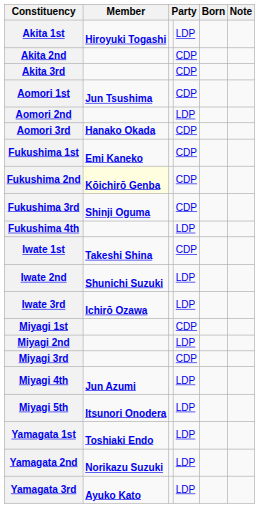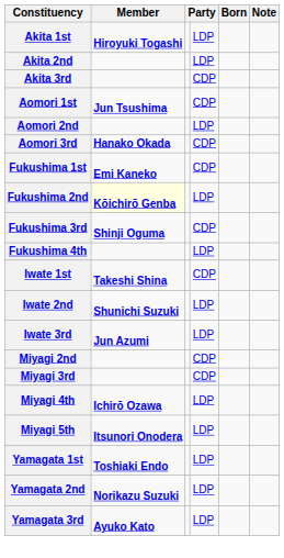 <table class="wikitable sortable plainrowheaders" id="votingmembers">
 <tr style="vertical-align:bottom">
 <th>Constituency</th>
 <th>Member</th>
 <th colspan=2>Party</th>
 <th>Born</th>
 <th>Note</th>
 </tr>
 <tr>
 <th><a href='#'>Akita 1st</a></th>
 <td><br><strong><a href='#'>Hiroyuki Togashi</a></strong></td>
 <td style="background-color:"></td>
 <td><a href='#'>LDP</a></td>
 <td></td>
 <td></td>
 </tr>
 <tr>
 <th><a href='#'>Akita 2nd</a></th>
 <td><br><strong></strong></td>
 <td style="background-color:"></td>
-<td><a href='#'>CDP</a></td>
+<td><a href='#'>LDP</a></td>
 <td></td>
 <td></td>
 </tr>
 <tr>
 <th><a href='#'>Akita 3rd</a></th>
 <td><br><strong></strong></td>
 <td style="background-color:"></td>
 <td><a href='#'>CDP</a></td>
 <td></td>
 <td></td>
 </tr>
 <tr>
 <th><a href='#'>Aomori 1st</a></th>
 <td><br><strong><a href='#'>Jun Tsushima</a></strong></td>
 <td style="background-color:"></td>
 <td><a href='#'>CDP</a></td>
 <td></td>
 <td></td>
 </tr>
 <tr>
 <th><a href='#'>Aomori 2nd</a></th>
 <td><br><strong></strong></td>
 <td style="background-color:"></td>
 <td><a href='#'>LDP</a></td>
 <td></td>
 <td></td>
 </tr>
 <tr>
 <th><a href='#'>Aomori 3rd</a></th>
 <td><strong><a href='#'>Hanako Okada</a></strong></td>
 <td style="background-color:"></td>
 <td><a href='#'>CDP</a></td>
 <td></td>
 <td></td>
 </tr>
 <tr>
 <th><a href='#'>Fukushima 1st</a></th>
 <td><br><strong><a href='#'>Emi Kaneko</a></strong></td>
 <td style="background-color:"></td>
 <td><a href='#'>CDP</a></td>
 <td></td>
 <td></td>
 </tr>
 <tr>
 <th><a href='#'>Fukushima 2nd</a></th>
 <td style="background: lightyellow;"><br><strong><a href='#'>Kōichirō Genba</a></strong></td>
 <td style="background-color:"></td>
-<td><a href='#'>CDP</a></td>
+<td><a href='#'>LDP</a></td>
 <td></td>
 <td></td>
 </tr>
 <tr>
 <th><a href='#'>Fukushima 3rd</a></th>
 <td><br><strong><a href='#'>Shinji Oguma</a></strong></td>
 <td style="background-color:"></td>
 <td><a href='#'>CDP</a></td>
 <td></td>
 <td></td>
 </tr>
 <tr>
 <th><a href='#'>Fukushima 4th</a></th>
 <td><strong></strong></td>
 <td style="background-color:"></td>
 <td><a href='#'>LDP</a></td>
 <td></td>
 <td></td>
 </tr>
 <tr>
 <th><a href='#'>Iwate 1st</a></th>
 <td><br><strong><a href='#'>Takeshi Shina</a></strong></td>
 <td style="background-color:"></td>
 <td><a href='#'>CDP</a></td>
 <td></td>
 <td></td>
 </tr>
 <tr>
 <th><a href='#'>Iwate 2nd</a></th>
 <td><br><strong><a href='#'>Shunichi Suzuki</a></strong></td>
 <td style="background-color:"></td>
 <td><a href='#'>LDP</a></td>
 <td></td>
 <td></td>
 </tr>
 <tr>
 <th><a href='#'>Iwate 3rd</a></th>
-<td><br><strong><a href='#'>Ichirō Ozawa</a></strong></td>
+<td><br><strong><a href='#'>Jun Azumi</a></strong></td>
 <td style="background-color:"></td>
 <td><a href='#'>LDP</a></td>
-<td></td>
-<td></td>
-</tr>
-<tr>
-<th><a href='#'>Miyagi 1st</a></th>
-<td><br><strong></strong></td>
-<td style="background-color:"></td>
-<td><a href='#'>CDP</a></td>
 <td></td>
 <td></td>
 </tr>
 <tr>
 <th><a href='#'>Miyagi 2nd</a></th>
 <td><br><strong></strong></td>
 <td style="background-color:"></td>
-<td><a href='#'>LDP</a></td>
+<td><a href='#'>CDP</a></td>
 <td></td>
 <td></td>
 </tr>
 <tr>
 <th><a href='#'>Miyagi 3rd</a></th>
 <td><br><strong></strong></td>
 <td style="background-color:"></td>
 <td><a href='#'>CDP</a></td>
 <td></td>
 <td></td>
 </tr>
 <tr>
 <th><a href='#'>Miyagi 4th</a></th>
-<td><br><strong><a href='#'>Jun Azumi</a></strong></td>
+<td><br><strong><a href='#'>Ichirō Ozawa</a></strong></td>
 <td style="background-color:"></td>
 <td><a href='#'>LDP</a></td>
 <td></td>
 <td></td>
 </tr>
 <tr>
 <th><a href='#'>Miyagi 5th</a></th>
 <td><br><strong><a href='#'>Itsunori Onodera</a></strong></td>
 <td style="background-color:"></td>
 <td><a href='#'>LDP</a></td>
 <td></td>
 <td></td>
 </tr>
 <tr>
 <th><a href='#'>Yamagata 1st</a></th>
 <td><br><strong><a href='#'>Toshiaki Endo</a></strong></td>
 <td style="background-color:"></td>
 <td><a href='#'>LDP</a></td>
 <td></td>
 <td></td>
 </tr>
 <tr>
 <th><a href='#'>Yamagata 2nd</a></th>
 <td><br><strong><a href='#'>Norikazu Suzuki</a></strong></td>
 <td style="background-color:"></td>
 <td><a href='#'>LDP</a></td>
 <td></td>
 <td></td>
 </tr>
 <tr>
 <th><a href='#'>Yamagata 3rd</a></th>
 <td><br><strong><a href='#'>Ayuko Kato</a></strong></td>
 <td style="background-color:"></td>
 <td><a href='#'>LDP</a></td>
 <td></td>
 <td></td>
 </tr>
 </table>
